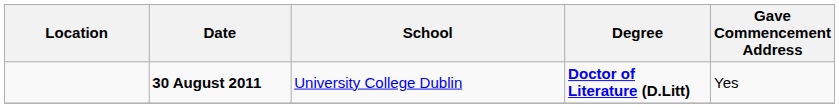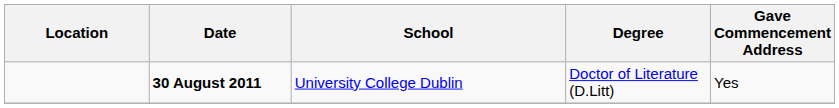 <table class="wikitable" style="width:100%;">
 <tr>
 <th style="width:20%;">Location</th>
 <th style="width:20%;">Date</th>
 <th style="width:40%;">School</th>
 <th style="width:20%;">Degree</th>
 <th style="width:20%;">Gave Commencement Address</th>
 </tr>
 <tr>
 <td></td>
 <td><strong>30 August 2011</strong></td>
 <td><a href='#'>University College Dublin</a></td>
-<td><strong><a href='#'>Doctor of Literature</a> (D.Litt) </strong></td>
+<td><a href='#'>Doctor of Literature</a> (D.Litt) </td>
 <td>Yes</td>
 </tr>
 <tr>
 </tr>
 </table>
